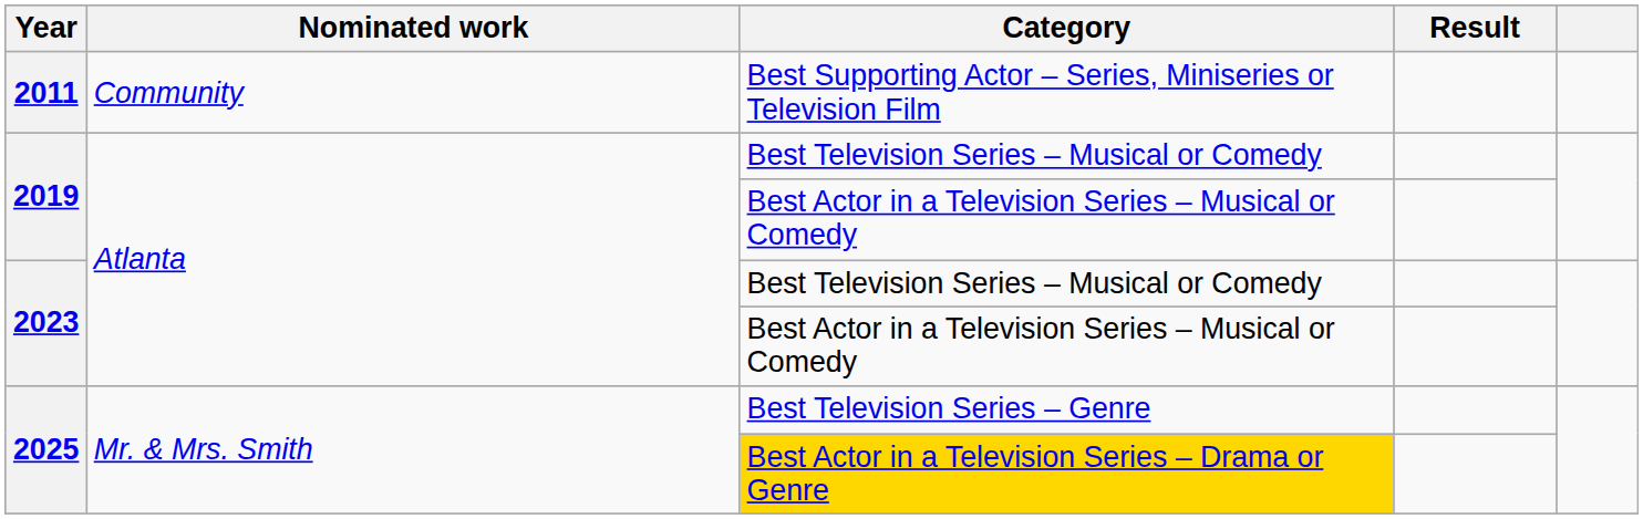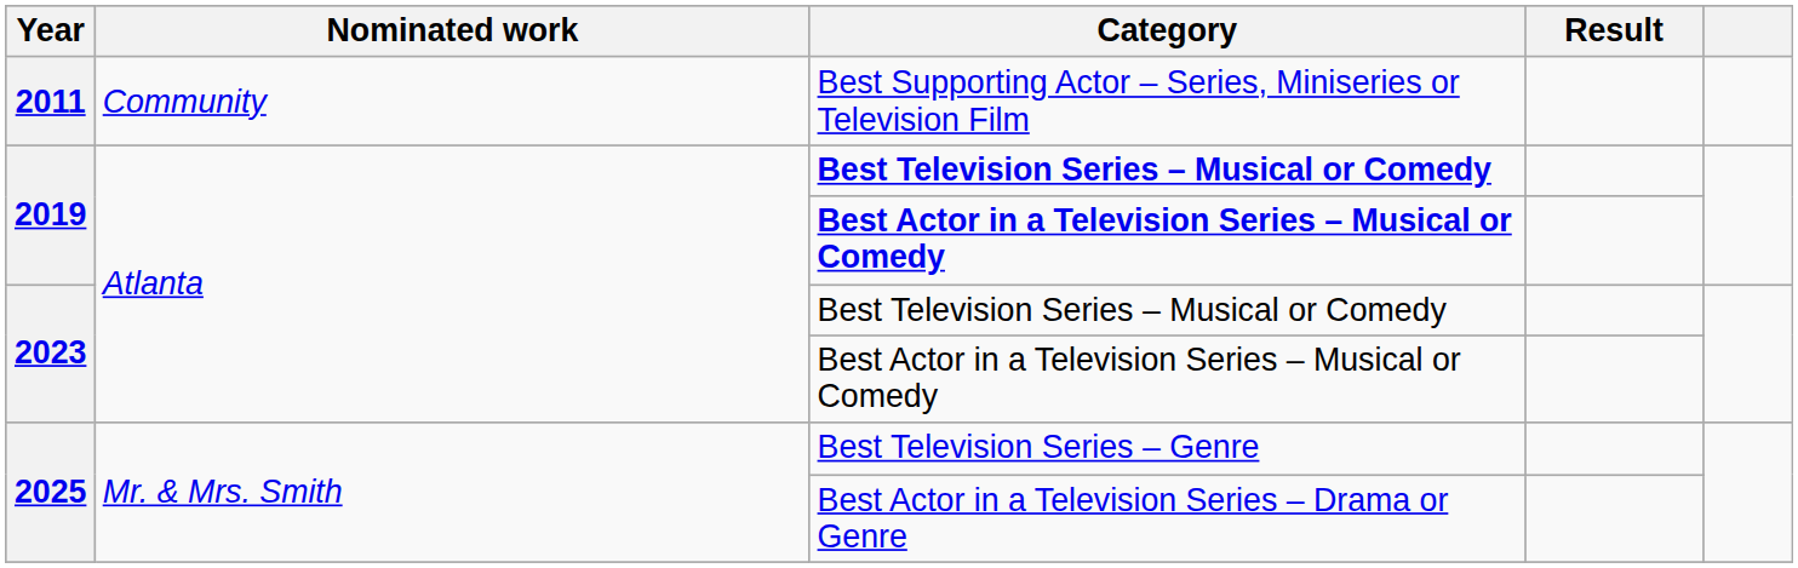 <table class="wikitable plainrowheaders" style="width:100%;">
 <tr>
 <th scope="col" style="width:5%;">Year</th>
 <th scope="col" style="width:40%;">Nominated work</th>
 <th scope="col" style="width:40%;">Category</th>
 <th scope="col" style="width:10%;">Result</th>
 <th scope="col" style="width:5%;"></th>
 </tr>
 <tr>
 <th scope="row" style="text-align:center;"><a href='#'>2011</a></th>
 <td><em><a href='#'>Community</a></em></td>
 <td><a href='#'>Best Supporting Actor – Series, Miniseries or Television Film</a></td>
 <td></td>
 <td style="text-align:center;"></td>
 </tr>
 <tr>
 <th scope="row" style="text-align:center;" rowspan="2"><a href='#'>2019</a></th>
 <td rowspan="4"><em><a href='#'>Atlanta</a></em></td>
-<td><a href='#'>Best Television Series – Musical or Comedy</a></td>
+<td><strong><a href='#'>Best Television Series – Musical or Comedy</a></strong></td>
 <td></td>
 <td style="text-align:center;" rowspan="2"></td>
 </tr>
 <tr>
-<td><a href='#'>Best Actor in a Television Series – Musical or Comedy</a></td>
+<td><strong><a href='#'>Best Actor in a Television Series – Musical or Comedy</a></strong></td>
 <td></td>
 </tr>
 <tr>
 <th scope="row" style="text-align:center;" rowspan="2"><a href='#'>2023</a></th>
 <td>Best Television Series – Musical or Comedy</td>
 <td></td>
 <td style="text-align:center;" rowspan="2"></td>
 </tr>
 <tr>
 <td>Best Actor in a Television Series – Musical or Comedy</td>
 <td></td>
 </tr>
 <tr>
 <th scope="row" style="text-align:center;" rowspan="2"><a href='#'>2025</a></th>
 <td rowspan="2"><em><a href='#'>Mr. & Mrs. Smith</a></em></td>
 <td><a href='#'>Best Television Series – Genre</a></td>
 <td></td>
 <td style="text-align:center;" rowspan="2"></td>
 </tr>
 <tr>
-<td style="background: gold;"><a href='#'>Best Actor in a Television Series – Drama or Genre</a></td>
+<td><a href='#'>Best Actor in a Television Series – Drama or Genre</a></td>
 <td></td>
 </tr>
 </table>
